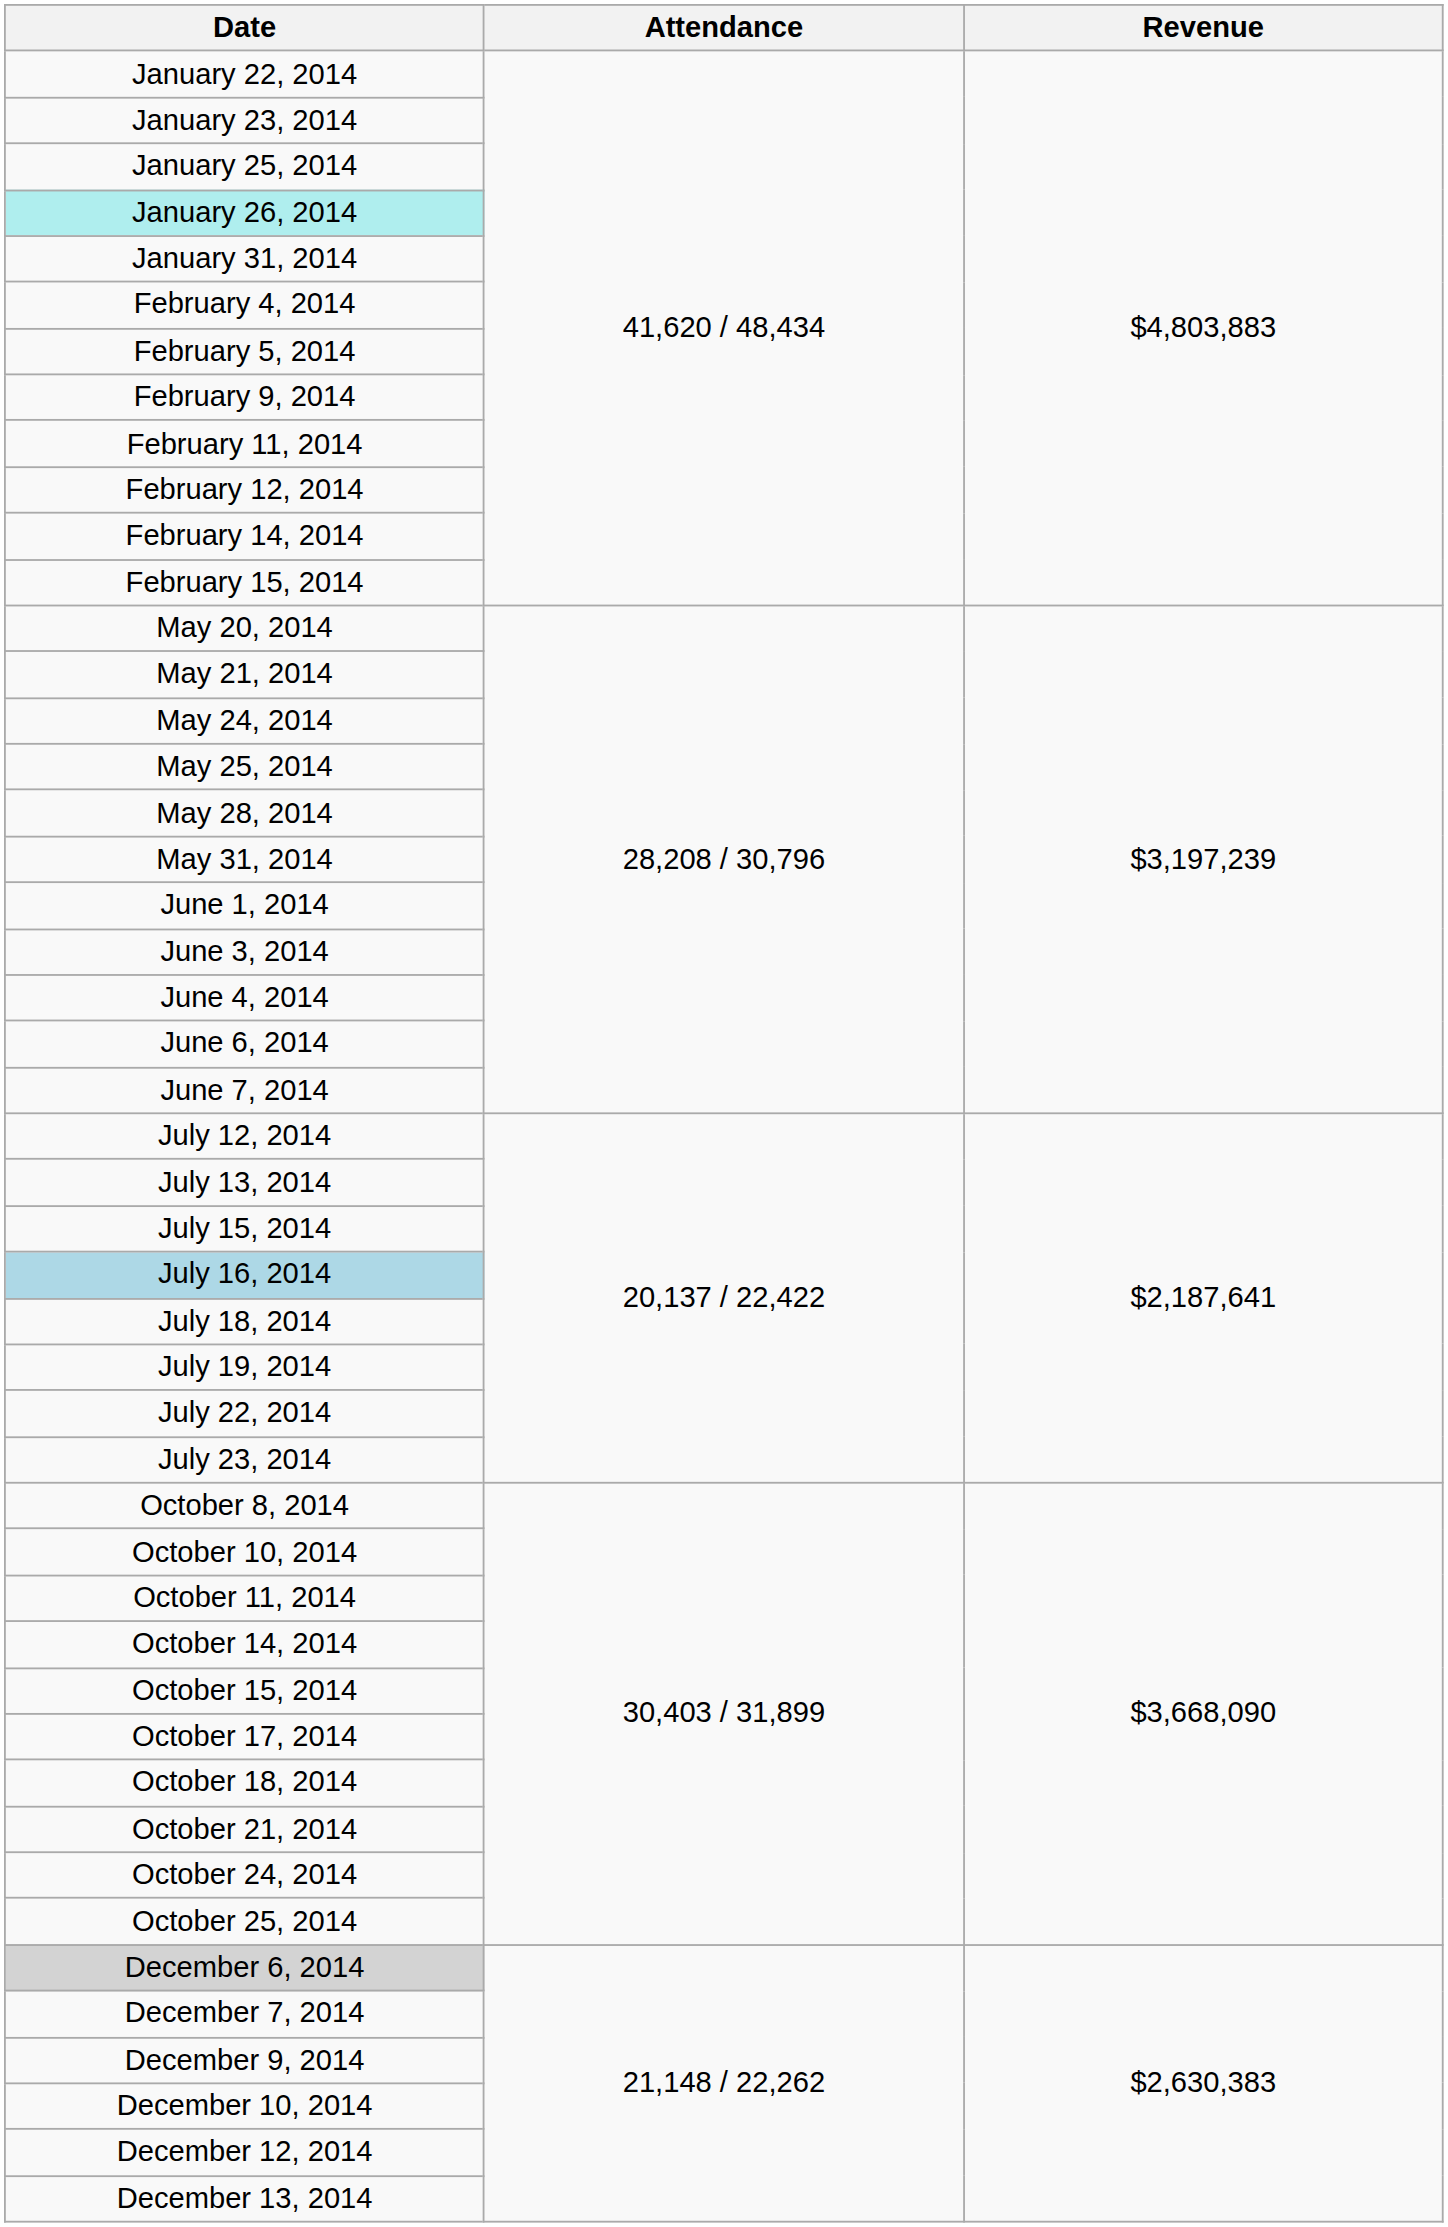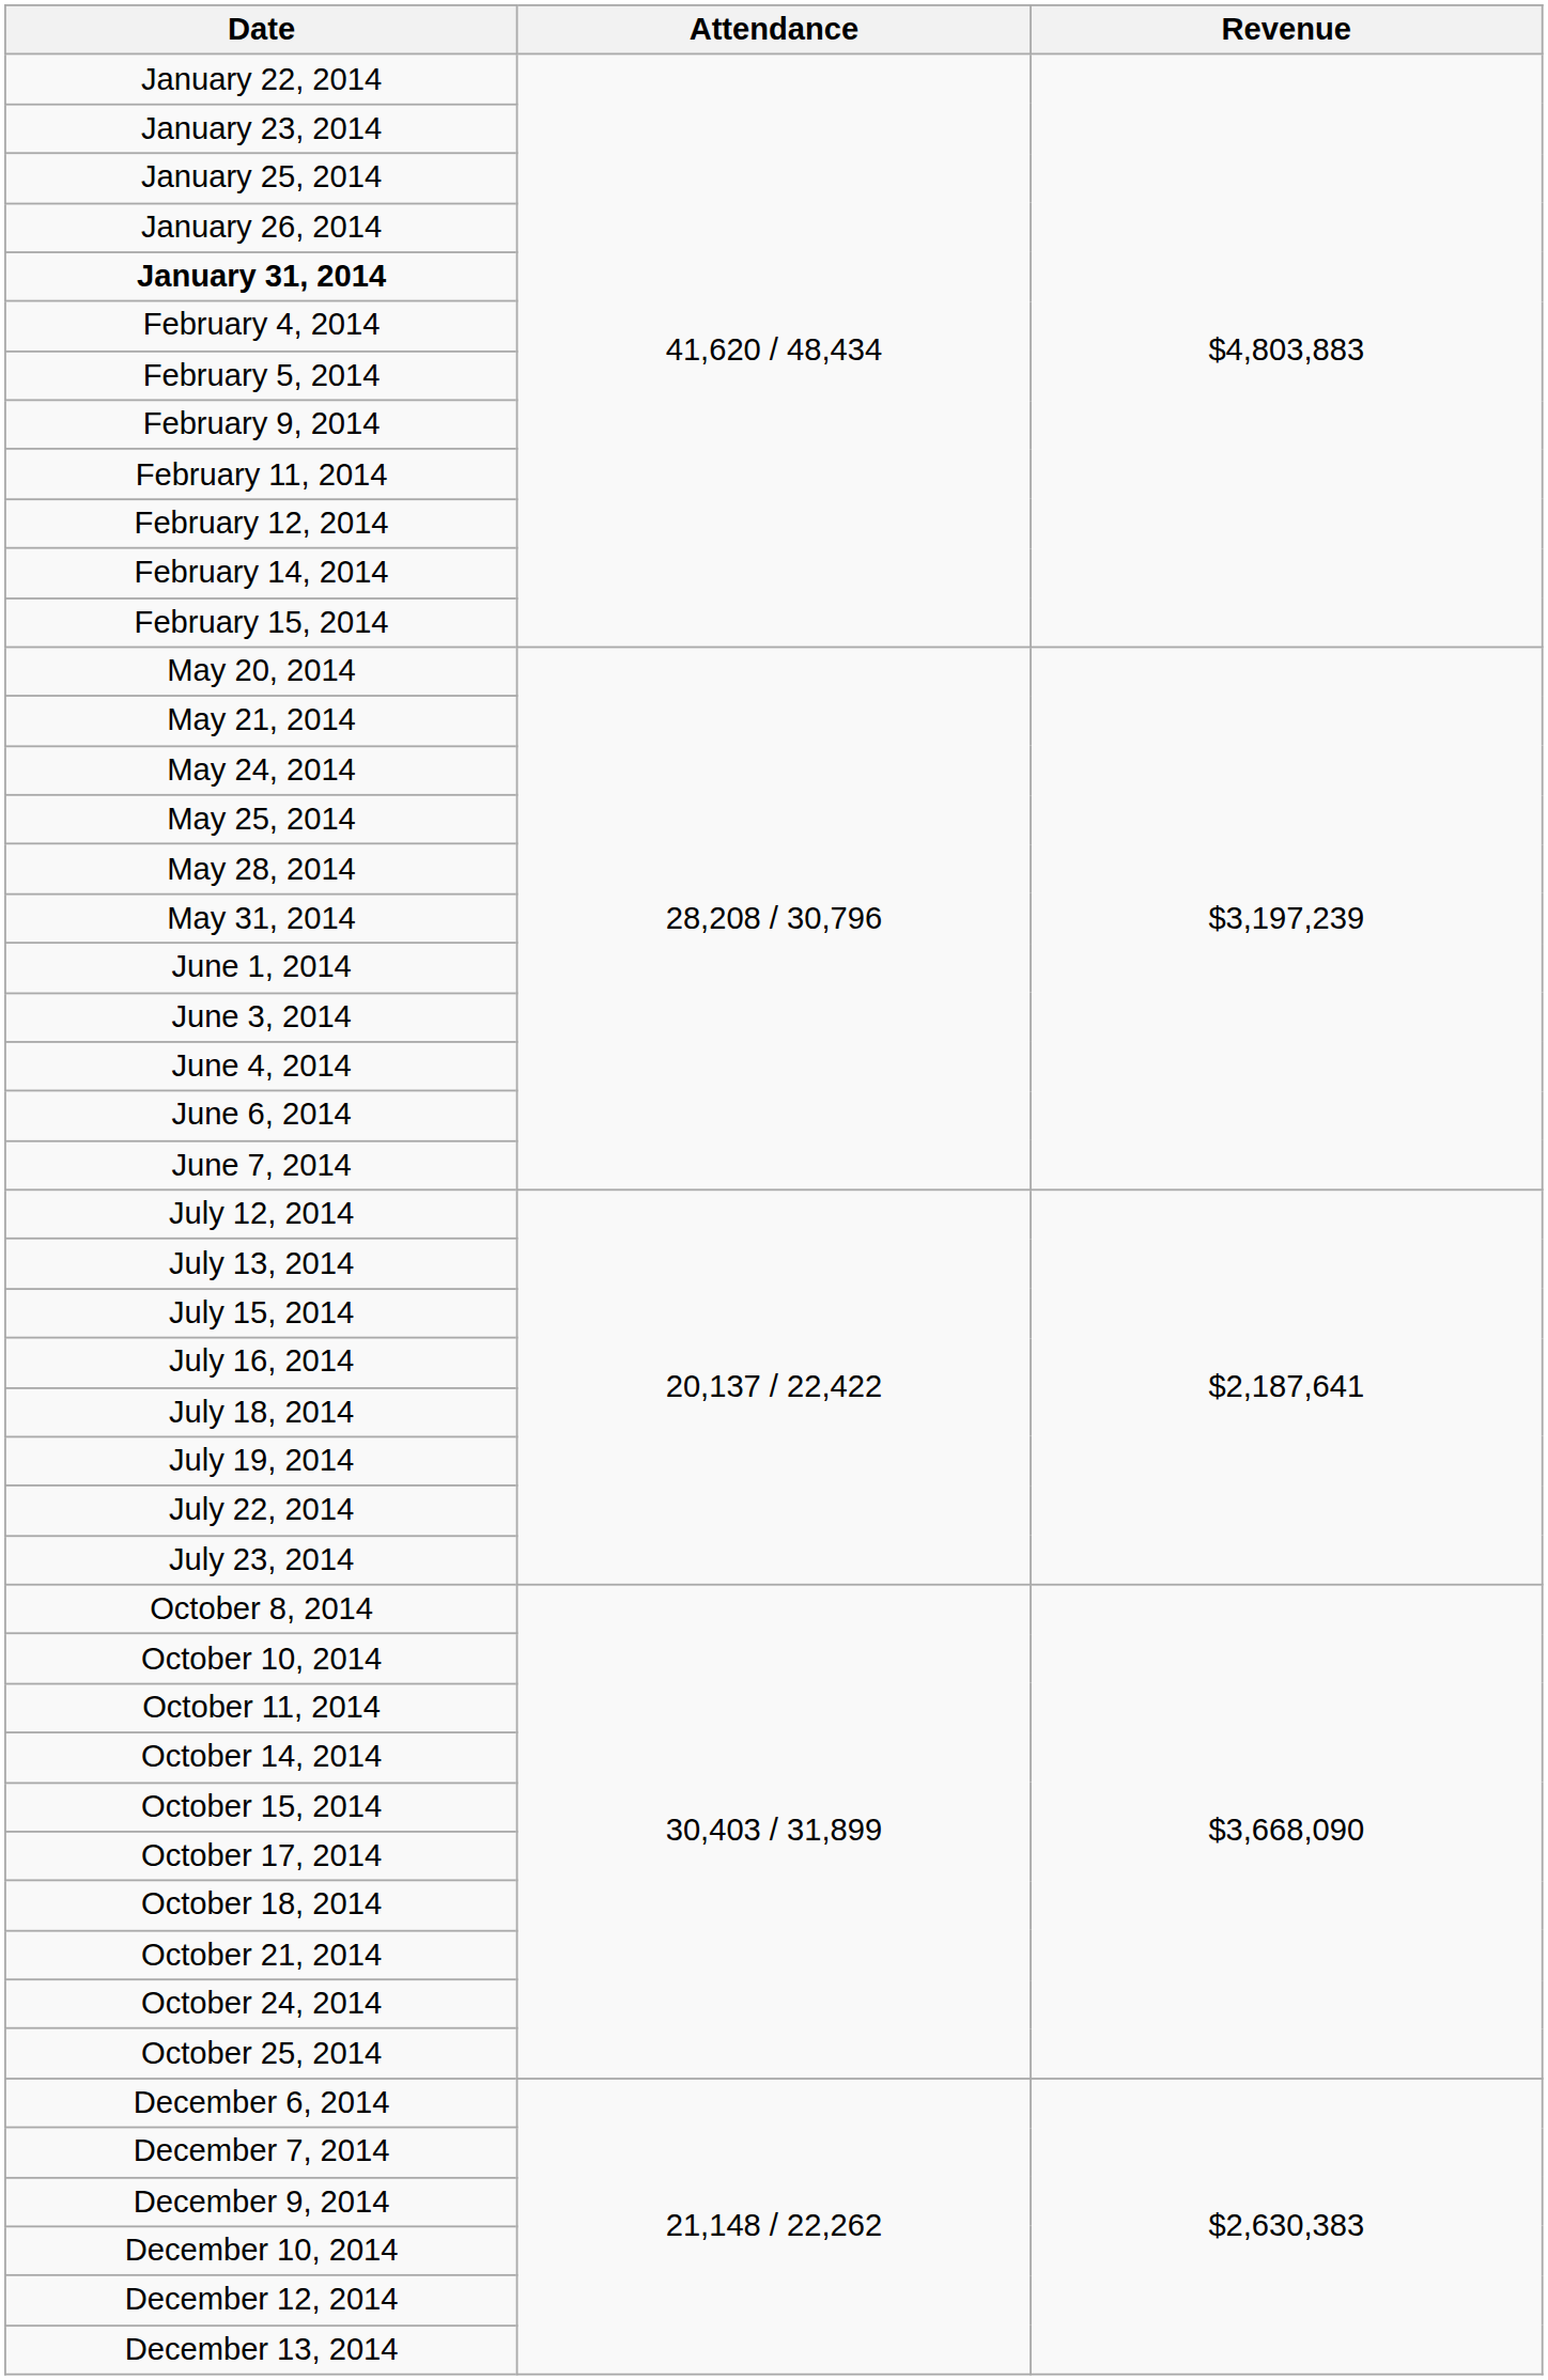 <table class="wikitable plainrowheaders" style="text-align:center;">
 <tr>
 <th scope="col" style="width:16em;">Date</th>
 <th scope="col" style="width:16em;">Attendance</th>
 <th scope="col" style="width:16em;">Revenue</th>
 </tr>
 <tr>
 <td>January 22, 2014</td>
 <td rowspan="12">41,620 / 48,434</td>
 <td rowspan="12">$4,803,883</td>
 </tr>
 <tr>
 <td>January 23, 2014</td>
 </tr>
 <tr>
 <td>January 25, 2014</td>
 </tr>
 <tr>
-<td style="background: paleturquoise;">January 26, 2014</td>
+<td>January 26, 2014</td>
 </tr>
 <tr>
-<td>January 31, 2014</td>
+<td><strong>January 31, 2014</strong></td>
 </tr>
 <tr>
 <td>February 4, 2014</td>
 </tr>
 <tr>
 <td>February 5, 2014</td>
 </tr>
 <tr>
 <td>February 9, 2014</td>
 </tr>
 <tr>
 <td>February 11, 2014</td>
 </tr>
 <tr>
 <td>February 12, 2014</td>
 </tr>
 <tr>
 <td>February 14, 2014</td>
 </tr>
 <tr>
 <td>February 15, 2014</td>
 </tr>
 <tr>
 <td>May 20, 2014</td>
 <td rowspan="11">28,208 / 30,796</td>
 <td rowspan="11">$3,197,239</td>
 </tr>
 <tr>
 <td>May 21, 2014</td>
 </tr>
 <tr>
 <td>May 24, 2014</td>
 </tr>
 <tr>
 <td>May 25, 2014</td>
 </tr>
 <tr>
 <td>May 28, 2014</td>
 </tr>
 <tr>
 <td>May 31, 2014</td>
 </tr>
 <tr>
 <td>June 1, 2014</td>
 </tr>
 <tr>
 <td>June 3, 2014</td>
 </tr>
 <tr>
 <td>June 4, 2014</td>
 </tr>
 <tr>
 <td>June 6, 2014</td>
 </tr>
 <tr>
 <td>June 7, 2014</td>
 </tr>
 <tr>
 <td>July 12, 2014</td>
 <td rowspan="8">20,137 / 22,422</td>
 <td rowspan="8">$2,187,641</td>
 </tr>
 <tr>
 <td>July 13, 2014</td>
 </tr>
 <tr>
 <td>July 15, 2014</td>
 </tr>
 <tr>
-<td style="background: lightblue;">July 16, 2014</td>
+<td>July 16, 2014</td>
 </tr>
 <tr>
 <td>July 18, 2014</td>
 </tr>
 <tr>
 <td>July 19, 2014</td>
 </tr>
 <tr>
 <td>July 22, 2014</td>
 </tr>
 <tr>
 <td>July 23, 2014</td>
 </tr>
 <tr>
 <td>October 8, 2014</td>
 <td rowspan="10">30,403 / 31,899</td>
 <td rowspan="10">$3,668,090</td>
 </tr>
 <tr>
 <td>October 10, 2014</td>
 </tr>
 <tr>
 <td>October 11, 2014</td>
 </tr>
 <tr>
 <td>October 14, 2014</td>
 </tr>
 <tr>
 <td>October 15, 2014</td>
 </tr>
 <tr>
 <td>October 17, 2014</td>
 </tr>
 <tr>
 <td>October 18, 2014</td>
 </tr>
 <tr>
 <td>October 21, 2014</td>
 </tr>
 <tr>
 <td>October 24, 2014</td>
 </tr>
 <tr>
 <td>October 25, 2014</td>
 </tr>
 <tr>
-<td style="background: lightgrey;">December 6, 2014</td>
+<td>December 6, 2014</td>
 <td rowspan="6">21,148 / 22,262</td>
 <td rowspan="6">$2,630,383</td>
 </tr>
 <tr>
 <td>December 7, 2014</td>
 </tr>
 <tr>
 <td>December 9, 2014</td>
 </tr>
 <tr>
 <td>December 10, 2014</td>
 </tr>
 <tr>
 <td>December 12, 2014</td>
 </tr>
 <tr>
 <td>December 13, 2014</td>
 </tr>
 </table>
